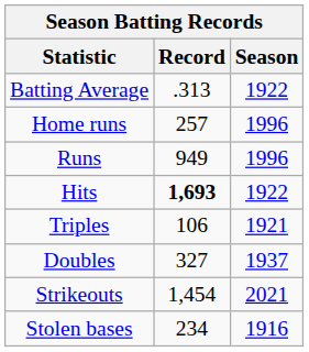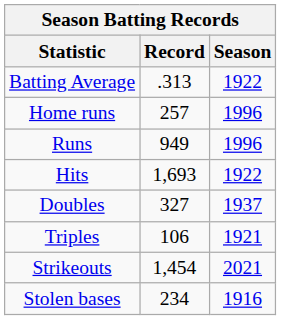 <table class="wikitable sortable" style="text-align:center">
 <tr>
 <th colspan=3>Season Batting Records</th>
 </tr>
 <tr>
 <th scope="col">Statistic</th>
 <th scope="col" class="unsortable">Record</th>
 <th scope="col">Season</th>
 </tr>
 <tr>
 <td><a href='#'>Batting Average</a></td>
 <td>.313</td>
 <td><a href='#'>1922</a></td>
 </tr>
 <tr>
 <td><a href='#'>Home runs</a></td>
 <td>257</td>
 <td><a href='#'>1996</a></td>
 </tr>
 <tr>
 <td><a href='#'>Runs</a></td>
 <td>949</td>
 <td><a href='#'>1996</a></td>
 </tr>
 <tr>
 <td><a href='#'>Hits</a></td>
-<td><strong>1,693</strong></td>
+<td>1,693</td>
 <td><a href='#'>1922</a></td>
+</tr>
+<tr>
+<td><a href='#'>Doubles</a></td>
+<td>327</td>
+<td><a href='#'>1937</a></td>
 </tr>
 <tr>
 <td><a href='#'>Triples</a></td>
 <td>106</td>
 <td><a href='#'>1921</a></td>
-</tr>
-<tr>
-<td><a href='#'>Doubles</a></td>
-<td>327</td>
-<td><a href='#'>1937</a></td>
 </tr>
 <tr>
 <td><a href='#'>Strikeouts</a></td>
 <td>1,454</td>
 <td><a href='#'>2021</a></td>
 </tr>
 <tr>
 <td><a href='#'>Stolen bases</a></td>
 <td>234</td>
 <td><a href='#'>1916</a></td>
 </tr>
 </table>
